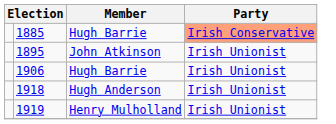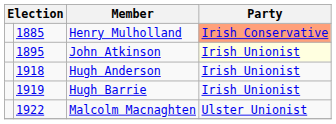 <table class="wikitable">
 <tr>
 <th colspan="2">Election</th>
 <th>Member</th>
 <th>Party</th>
 </tr>
 <tr>
 <td style="color:inherit;background-color: "></td>
 <td><a href='#'>1885</a></td>
-<td><a href='#'>Hugh Barrie</a></td>
+<td><a href='#'>Henry Mulholland</a></td>
 <td style="background: lightsalmon;"><a href='#'>Irish Conservative</a></td>
 </tr>
 <tr>
 <td style="color:inherit;background-color: "></td>
 <td><a href='#'>1895</a></td>
 <td><a href='#'>John Atkinson</a></td>
-<td><a href='#'>Irish Unionist</a></td>
-</tr>
-<tr>
-<td style="color:inherit;background-color: "></td>
-<td><a href='#'>1906</a></td>
-<td><a href='#'>Hugh Barrie</a></td>
-<td><a href='#'>Irish Unionist</a></td>
+<td style="background: lightyellow;"><a href='#'>Irish Unionist</a></td>
 </tr>
 <tr>
 <td style="color:inherit;background-color: "></td>
 <td><a href='#'>1918</a></td>
 <td><a href='#'>Hugh Anderson</a></td>
 <td><a href='#'>Irish Unionist</a></td>
 </tr>
 <tr>
 <td style="color:inherit;background-color: "></td>
 <td><a href='#'>1919</a></td>
-<td><a href='#'>Henry Mulholland</a></td>
+<td><a href='#'>Hugh Barrie</a></td>
 <td><a href='#'>Irish Unionist</a></td>
+</tr>
+<tr>
+<td style="color:inherit;background-color: "></td>
+<td><a href='#'>1922</a></td>
+<td><a href='#'>Malcolm Macnaghten</a></td>
+<td><a href='#'>Ulster Unionist</a></td>
 </tr>
 <tr>
 </tr>
 </table>
